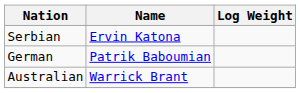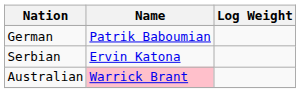 <table class="wikitable" style="display: inline-table">
 <tr>
 <th>Nation</th>
 <th>Name</th>
 <th>Log Weight</th>
 </tr>
 <tr>
 </tr>
 <tr>
+<td> German</td>
+<td><a href='#'>Patrik Baboumian</a></td>
+<td></td>
+</tr>
+<tr>
 <td> Serbian</td>
 <td><a href='#'>Ervin Katona</a></td>
 <td></td>
 </tr>
 <tr>
-<td> German</td>
-<td><a href='#'>Patrik Baboumian</a></td>
-<td></td>
-</tr>
-<tr>
 <td> Australian</td>
-<td><a href='#'>Warrick Brant</a></td>
+<td style="background: pink;"><a href='#'>Warrick Brant</a></td>
 <td></td>
 </tr>
 <tr>
 </tr>
 </table>
